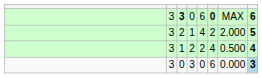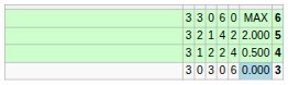 <table class="wikitable" style="text-align:center">
 <tr>
 <th width=250></th>
 <th width=5></th>
 <th width=5></th>
 <th width=5></th>
 <th width=5></th>
 <th width=5></th>
 <th width=5></th>
 <th width=5></th>
 </tr>
 <tr style="background-color:#ccffcc;">
 <td style="text-align:left;"></td>
 <td>3</td>
-<td><strong>3</strong></td>
+<td>3</td>
 <td>0</td>
 <td>6</td>
-<td><strong>0</strong></td>
+<td>0</td>
 <td>MAX</td>
 <td><strong>6</strong></td>
 </tr>
 <tr style="background-color:#ccffcc;">
 <td style="text-align:left;"></td>
 <td>3</td>
 <td>2</td>
 <td>1</td>
 <td>4</td>
 <td>2</td>
 <td>2.000</td>
 <td><strong>5</strong></td>
 </tr>
 <tr style="background-color:#ccffcc;">
 <td style="text-align:left;"></td>
 <td>3</td>
 <td>1</td>
 <td>2</td>
 <td>2</td>
 <td>4</td>
 <td>0.500</td>
 <td><strong>4</strong></td>
 </tr>
 <tr>
 <td style="text-align:left;"></td>
 <td>3</td>
 <td>0</td>
 <td>3</td>
 <td>0</td>
 <td>6</td>
-<td>0.000</td>
-<td style="background: lightblue;"><strong>3</strong></td>
+<td style="background: lightblue;">0.000</td>
+<td><strong>3</strong></td>
 </tr>
 </table>
